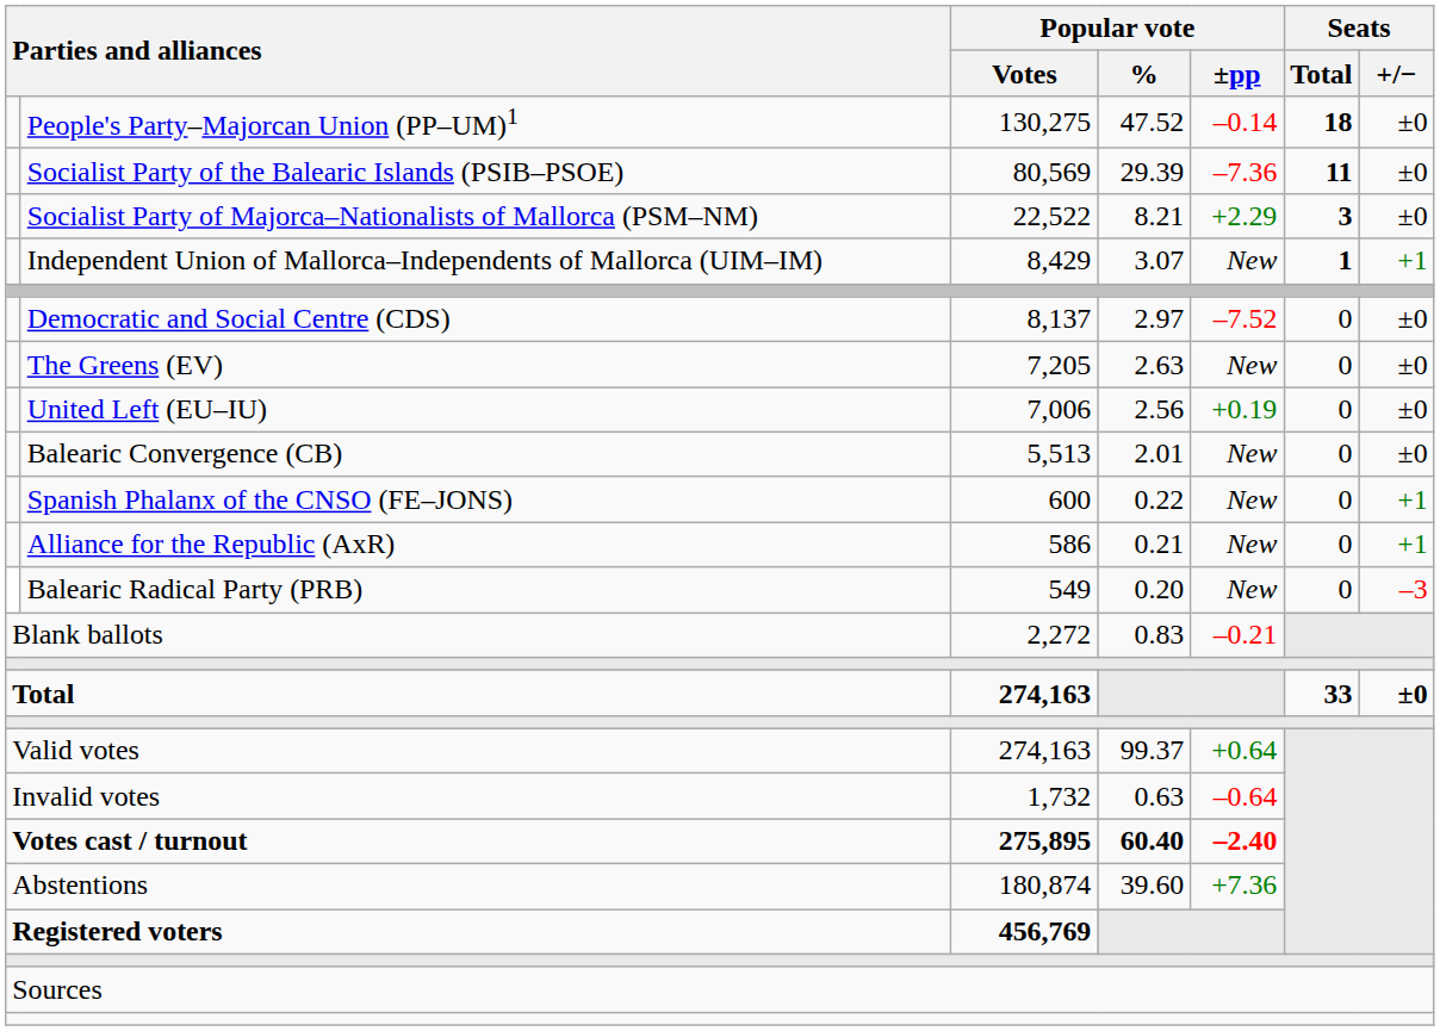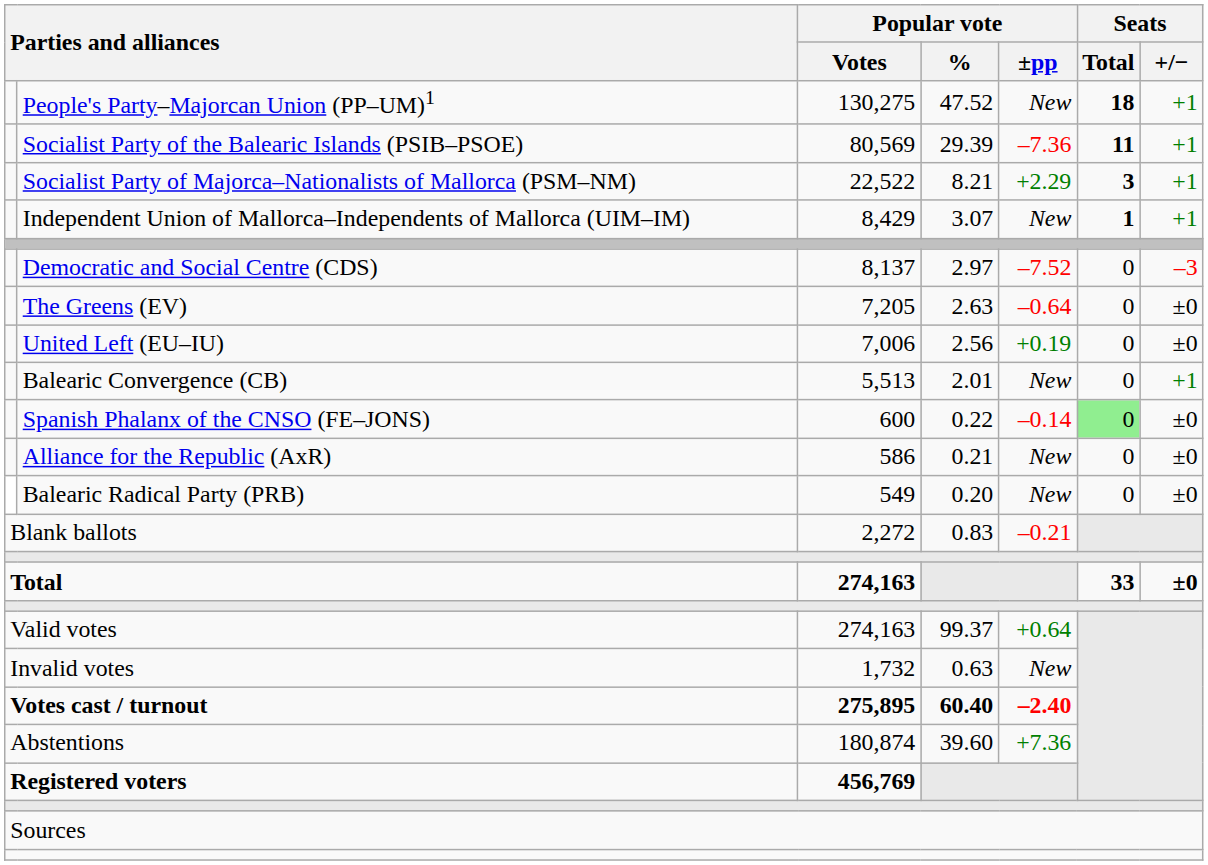 <table class="wikitable" style="text-align:right;">
 <tr>
 <th style="text-align:left;" rowspan="2" colspan="2" width="525">Parties and alliances</th>
 <th colspan="3">Popular vote</th>
 <th colspan="2">Seats</th>
 </tr>
 <tr>
 <th width="75">Votes</th>
 <th width="45">%</th>
 <th width="45">±<a href='#'>pp</a></th>
 <th width="35">Total</th>
 <th width="35">+/−</th>
 </tr>
 <tr>
 <td width="1" style="color:inherit;background:"></td>
 <td align="left"><a href='#'>People's Party</a>–<a href='#'>Majorcan Union</a> (PP–UM)<sup>1</sup></td>
 <td>130,275</td>
 <td>47.52</td>
-<td style="color:red;">–0.14</td>
+<td><em>New</em></td>
 <td><strong>18</strong></td>
-<td>±0</td>
+<td style="color:green;">+1</td>
 </tr>
 <tr>
 <td style="color:inherit;background:"></td>
 <td align="left"><a href='#'>Socialist Party of the Balearic Islands</a> (PSIB–PSOE)</td>
 <td>80,569</td>
 <td>29.39</td>
 <td style="color:red;">–7.36</td>
 <td><strong>11</strong></td>
-<td>±0</td>
+<td style="color:green;">+1</td>
 </tr>
 <tr>
 <td style="color:inherit;background:"></td>
 <td align="left"><a href='#'>Socialist Party of Majorca–Nationalists of Mallorca</a> (PSM–NM)</td>
 <td>22,522</td>
 <td>8.21</td>
 <td style="color:green;">+2.29</td>
 <td><strong>3</strong></td>
-<td>±0</td>
+<td style="color:green;">+1</td>
 </tr>
 <tr>
 <td style="color:inherit;background:"></td>
 <td align="left">Independent Union of Mallorca–Independents of Mallorca (UIM–IM)</td>
 <td>8,429</td>
 <td>3.07</td>
 <td><em>New</em></td>
 <td><strong>1</strong></td>
 <td style="color:green;">+1</td>
 </tr>
 <tr>
 <td colspan="7" bgcolor="#C0C0C0"></td>
 </tr>
 <tr>
 <td style="color:inherit;background:"></td>
 <td align="left"><a href='#'>Democratic and Social Centre</a> (CDS)</td>
 <td>8,137</td>
 <td>2.97</td>
 <td style="color:red;">–7.52</td>
 <td>0</td>
-<td>±0</td>
+<td style="color:red;">–3</td>
 </tr>
 <tr>
 <td style="color:inherit;background:"></td>
 <td align="left"><a href='#'>The Greens</a> (EV)</td>
 <td>7,205</td>
 <td>2.63</td>
-<td><em>New</em></td>
+<td style="color:red;">–0.64</td>
 <td>0</td>
 <td>±0</td>
 </tr>
 <tr>
 <td style="color:inherit;background:"></td>
 <td align="left"><a href='#'>United Left</a> (EU–IU)</td>
 <td>7,006</td>
 <td>2.56</td>
 <td style="color:green;">+0.19</td>
 <td>0</td>
 <td>±0</td>
 </tr>
 <tr>
 <td style="color:inherit;background:"></td>
 <td align="left">Balearic Convergence (CB)</td>
 <td>5,513</td>
 <td>2.01</td>
 <td><em>New</em></td>
 <td>0</td>
-<td>±0</td>
+<td style="color:green;">+1</td>
 </tr>
 <tr>
 <td style="color:inherit;background:"></td>
 <td align="left"><a href='#'>Spanish Phalanx of the CNSO</a> (FE–JONS)</td>
 <td>600</td>
 <td>0.22</td>
-<td><em>New</em></td>
-<td>0</td>
-<td style="color:green;">+1</td>
+<td style="color:red;">–0.14</td>
+<td style="background: lightgreen;">0</td>
+<td>±0</td>
 </tr>
 <tr>
 <td style="color:inherit;background:"></td>
 <td align="left"><a href='#'>Alliance for the Republic</a> (AxR)</td>
 <td>586</td>
 <td>0.21</td>
 <td><em>New</em></td>
 <td>0</td>
-<td style="color:green;">+1</td>
+<td>±0</td>
 </tr>
 <tr>
 <td bgcolor="white"></td>
 <td align="left">Balearic Radical Party (PRB)</td>
 <td>549</td>
 <td>0.20</td>
 <td><em>New</em></td>
 <td>0</td>
-<td style="color:red;">–3</td>
+<td>±0</td>
 </tr>
 <tr>
 <td align="left" colspan="2">Blank ballots</td>
 <td>2,272</td>
 <td>0.83</td>
 <td style="color:red;">–0.21</td>
 <td bgcolor="#E9E9E9" colspan="2"></td>
 </tr>
 <tr>
 <td colspan="7" bgcolor="#E9E9E9"></td>
 </tr>
 <tr style="font-weight:bold;">
 <td align="left" colspan="2">Total</td>
 <td>274,163</td>
 <td bgcolor="#E9E9E9" colspan="2"></td>
 <td>33</td>
 <td>±0</td>
 </tr>
 <tr>
 <td colspan="7" bgcolor="#E9E9E9"></td>
 </tr>
 <tr>
 <td align="left" colspan="2">Valid votes</td>
 <td>274,163</td>
 <td>99.37</td>
 <td style="color:green;">+0.64</td>
 <td bgcolor="#E9E9E9" colspan="2" rowspan="5"></td>
 </tr>
 <tr>
 <td align="left" colspan="2">Invalid votes</td>
 <td>1,732</td>
 <td>0.63</td>
-<td style="color:red;">–0.64</td>
+<td><em>New</em></td>
 </tr>
 <tr style="font-weight:bold;">
 <td align="left" colspan="2">Votes cast / turnout</td>
 <td>275,895</td>
 <td>60.40</td>
 <td style="color:red;">–2.40</td>
 </tr>
 <tr>
 <td align="left" colspan="2">Abstentions</td>
 <td>180,874</td>
 <td>39.60</td>
 <td style="color:green;">+7.36</td>
 </tr>
 <tr style="font-weight:bold;">
 <td align="left" colspan="2">Registered voters</td>
 <td>456,769</td>
 <td bgcolor="#E9E9E9" colspan="2"></td>
 </tr>
 <tr>
 <td colspan="7" bgcolor="#E9E9E9"></td>
 </tr>
 <tr>
 <td align="left" colspan="7">Sources</td>
 </tr>
 <tr>
 <td colspan="7" style="text-align:left; max-width:790px;"></td>
 </tr>
 </table>
